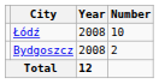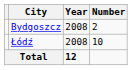 <table class="wikitable">
 <tr>
 <th></th>
 <th>City</th>
 <th>Year</th>
 <th>Number</th>
 </tr>
 <tr>
 <td></td>
+<td><a href='#'>Bydgoszcz</a></td>
+<td>2008</td>
+<td>2</td>
+</tr>
+<tr>
+<td></td>
 <td><a href='#'>Łódź</a></td>
 <td>2008</td>
 <td>10</td>
-</tr>
-<tr>
-<td></td>
-<td><a href='#'>Bydgoszcz</a></td>
-<td>2008</td>
-<td>2</td>
 </tr>
 <tr>
 <th colspan="2"><strong>Total</strong></th>
 <td><strong>12</strong></td>
 </tr>
 </table>
